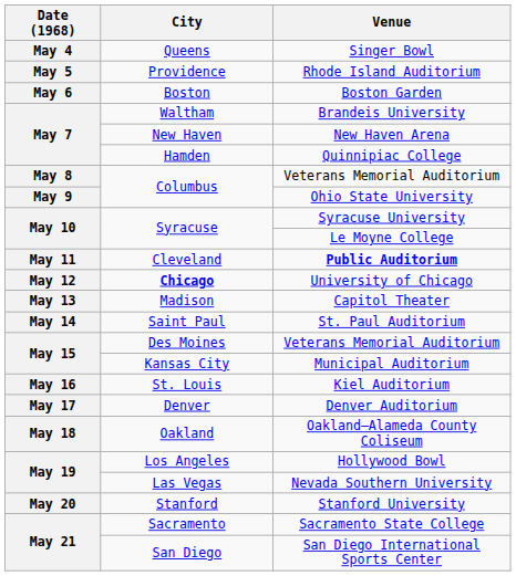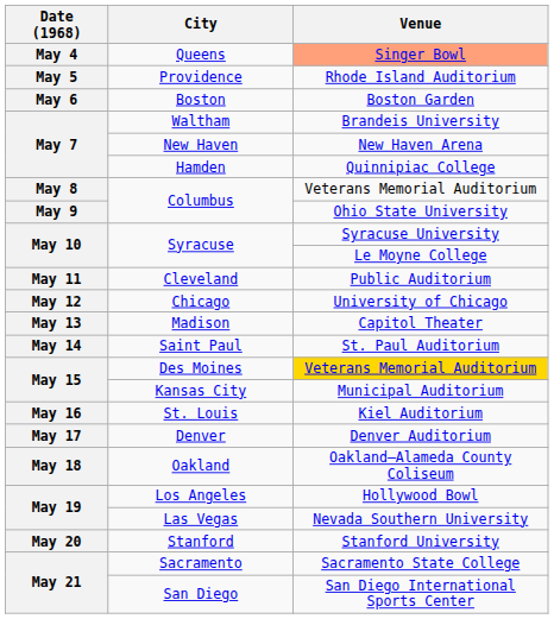 <table class="wikitable plainrowheaders" style="text-align:center;">
 <tr>
 <th scope="col" style="width:7em;">Date<br>(1968)</th>
 <th scope="col" style="width:13em;">City</th>
 <th scope="col" style="width:18em;">Venue</th>
 </tr>
 <tr>
 <th scope="row">May 4</th>
 <td><a href='#'>Queens</a></td>
-<td><a href='#'>Singer Bowl</a></td>
+<td style="background: lightsalmon;"><a href='#'>Singer Bowl</a></td>
 </tr>
 <tr>
 <th scope="row">May 5</th>
 <td><a href='#'>Providence</a></td>
 <td><a href='#'>Rhode Island Auditorium</a></td>
 </tr>
 <tr>
 <th scope="row">May 6</th>
 <td><a href='#'>Boston</a></td>
 <td><a href='#'>Boston Garden</a></td>
 </tr>
 <tr>
 <th scope="row" rowspan="3">May 7</th>
 <td><a href='#'>Waltham</a></td>
 <td><a href='#'>Brandeis University</a></td>
 </tr>
 <tr>
 <td><a href='#'>New Haven</a></td>
 <td><a href='#'>New Haven Arena</a></td>
 </tr>
 <tr>
 <td><a href='#'>Hamden</a></td>
 <td><a href='#'>Quinnipiac College</a></td>
 </tr>
 <tr>
 <th scope="row">May 8</th>
 <td rowspan="2"><a href='#'>Columbus</a></td>
 <td>Veterans Memorial Auditorium</td>
 </tr>
 <tr>
 <th scope="row">May 9</th>
 <td><a href='#'>Ohio State University</a></td>
 </tr>
 <tr>
 <th scope="row" rowspan="2">May 10</th>
 <td rowspan="2"><a href='#'>Syracuse</a></td>
 <td><a href='#'>Syracuse University</a></td>
 </tr>
 <tr>
 <td><a href='#'>Le Moyne College</a></td>
 </tr>
 <tr>
 <th scope="row">May 11</th>
 <td><a href='#'>Cleveland</a></td>
-<td><strong><a href='#'>Public Auditorium</a></strong></td>
+<td><a href='#'>Public Auditorium</a></td>
 </tr>
 <tr>
 <th scope="row">May 12</th>
-<td><strong><a href='#'>Chicago</a></strong></td>
+<td><a href='#'>Chicago</a></td>
 <td><a href='#'>University of Chicago</a></td>
 </tr>
 <tr>
 <th scope="row">May 13</th>
 <td><a href='#'>Madison</a></td>
 <td><a href='#'>Capitol Theater</a></td>
 </tr>
 <tr>
 <th scope="row">May 14</th>
 <td><a href='#'>Saint Paul</a></td>
 <td><a href='#'>St. Paul Auditorium</a></td>
 </tr>
 <tr>
 <th scope="row" rowspan="2">May 15</th>
 <td><a href='#'>Des Moines</a></td>
-<td><a href='#'>Veterans Memorial Auditorium</a></td>
+<td style="background: gold;"><a href='#'>Veterans Memorial Auditorium</a></td>
 </tr>
 <tr>
 <td><a href='#'>Kansas City</a></td>
 <td><a href='#'>Municipal Auditorium</a></td>
 </tr>
 <tr>
 <th scope="row">May 16</th>
 <td><a href='#'>St. Louis</a></td>
 <td><a href='#'>Kiel Auditorium</a></td>
 </tr>
 <tr>
 <th scope="row">May 17</th>
 <td><a href='#'>Denver</a></td>
 <td><a href='#'>Denver Auditorium</a></td>
 </tr>
 <tr>
 <th scope="row">May 18</th>
 <td><a href='#'>Oakland</a></td>
 <td><a href='#'>Oakland–Alameda County Coliseum</a></td>
 </tr>
 <tr>
 <th scope="row" rowspan="2">May 19</th>
 <td><a href='#'>Los Angeles</a></td>
 <td><a href='#'>Hollywood Bowl</a></td>
 </tr>
 <tr>
 <td><a href='#'>Las Vegas</a></td>
 <td><a href='#'>Nevada Southern University</a></td>
 </tr>
 <tr>
 <th scope="row">May 20</th>
 <td><a href='#'>Stanford</a></td>
 <td><a href='#'>Stanford University</a></td>
 </tr>
 <tr>
 <th scope="row" rowspan="2">May 21</th>
 <td><a href='#'>Sacramento</a></td>
 <td><a href='#'>Sacramento State College</a></td>
 </tr>
 <tr>
 <td><a href='#'>San Diego</a></td>
 <td><a href='#'>San Diego International Sports Center</a></td>
 </tr>
 </table>
